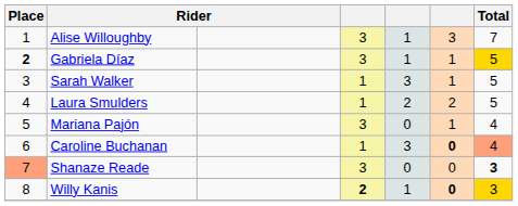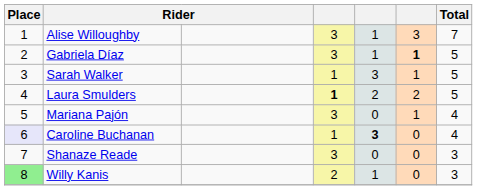 <table class=wikitable style="border:1px solid #AAAAAA;font-size:90%">
 <tr bgcolor="#EFEFEF">
 <th>Place</th>
 <th width=300 colspan="2">Rider</th>
 <th width=40></th>
 <th width=40></th>
 <th width=40></th>
 <th>Total</th>
 </tr>
 <tr>
 <td align="center">1</td>
 <td width="150"><a href='#'>Alise Willoughby</a></td>
 <td></td>
 <td bgcolor=F7F6A8 align="center">3</td>
 <td bgcolor=DCE5E5 align="center">1</td>
 <td bgcolor=FFDAB9 align="center">3</td>
 <td align="center">7</td>
 </tr>
 <tr>
-<td align="center"><strong>2</strong></td>
+<td align="center">2</td>
 <td width="150"><a href='#'>Gabriela Díaz</a></td>
 <td></td>
 <td bgcolor=F7F6A8 align="center">3</td>
 <td bgcolor=DCE5E5 align="center">1</td>
-<td bgcolor=FFDAB9 align="center">1</td>
-<td align="center" style="background: gold;">5</td>
+<td bgcolor=FFDAB9 align="center"><strong>1</strong></td>
+<td align="center">5</td>
 </tr>
 <tr>
 <td align="center">3</td>
 <td width="150"><a href='#'>Sarah Walker</a></td>
 <td></td>
 <td bgcolor=F7F6A8 align="center">1</td>
 <td bgcolor=DCE5E5 align="center">3</td>
 <td bgcolor=FFDAB9 align="center">1</td>
 <td align="center">5</td>
 </tr>
 <tr>
 <td align="center">4</td>
 <td width="150"><a href='#'>Laura Smulders</a></td>
 <td></td>
-<td bgcolor=F7F6A8 align="center">1</td>
+<td bgcolor=F7F6A8 align="center"><strong>1</strong></td>
 <td bgcolor=DCE5E5 align="center">2</td>
 <td bgcolor=FFDAB9 align="center">2</td>
 <td align="center">5</td>
 </tr>
 <tr>
 <td align="center">5</td>
 <td width="150"><a href='#'>Mariana Pajón</a></td>
 <td></td>
 <td bgcolor=F7F6A8 align="center">3</td>
 <td bgcolor=DCE5E5 align="center">0</td>
 <td bgcolor=FFDAB9 align="center">1</td>
 <td align="center">4</td>
 </tr>
 <tr>
-<td align="center">6</td>
+<td align="center" style="background: lavender;">6</td>
 <td width="150"><a href='#'>Caroline Buchanan</a></td>
 <td></td>
 <td bgcolor=F7F6A8 align="center">1</td>
-<td bgcolor=DCE5E5 align="center">3</td>
-<td bgcolor=FFDAB9 align="center"><strong>0</strong></td>
-<td align="center" style="background: lightsalmon;">4</td>
+<td bgcolor=DCE5E5 align="center"><strong>3</strong></td>
+<td bgcolor=FFDAB9 align="center">0</td>
+<td align="center">4</td>
 </tr>
 <tr>
-<td align="center" style="background: lightsalmon;">7</td>
+<td align="center">7</td>
 <td width="150"><a href='#'>Shanaze Reade</a></td>
 <td></td>
 <td bgcolor=F7F6A8 align="center">3</td>
 <td bgcolor=DCE5E5 align="center">0</td>
 <td bgcolor=FFDAB9 align="center">0</td>
-<td align="center"><strong>3</strong></td>
+<td align="center">3</td>
 </tr>
 <tr>
-<td align="center">8</td>
+<td align="center" style="background: lightgreen;">8</td>
 <td width="150"><a href='#'>Willy Kanis</a></td>
 <td></td>
-<td bgcolor=F7F6A8 align="center"><strong>2</strong></td>
+<td bgcolor=F7F6A8 align="center">2</td>
 <td bgcolor=DCE5E5 align="center">1</td>
-<td bgcolor=FFDAB9 align="center"><strong>0</strong></td>
-<td align="center" style="background: gold;">3</td>
+<td bgcolor=FFDAB9 align="center">0</td>
+<td align="center">3</td>
 </tr>
 <tr>
 </tr>
 </table>
